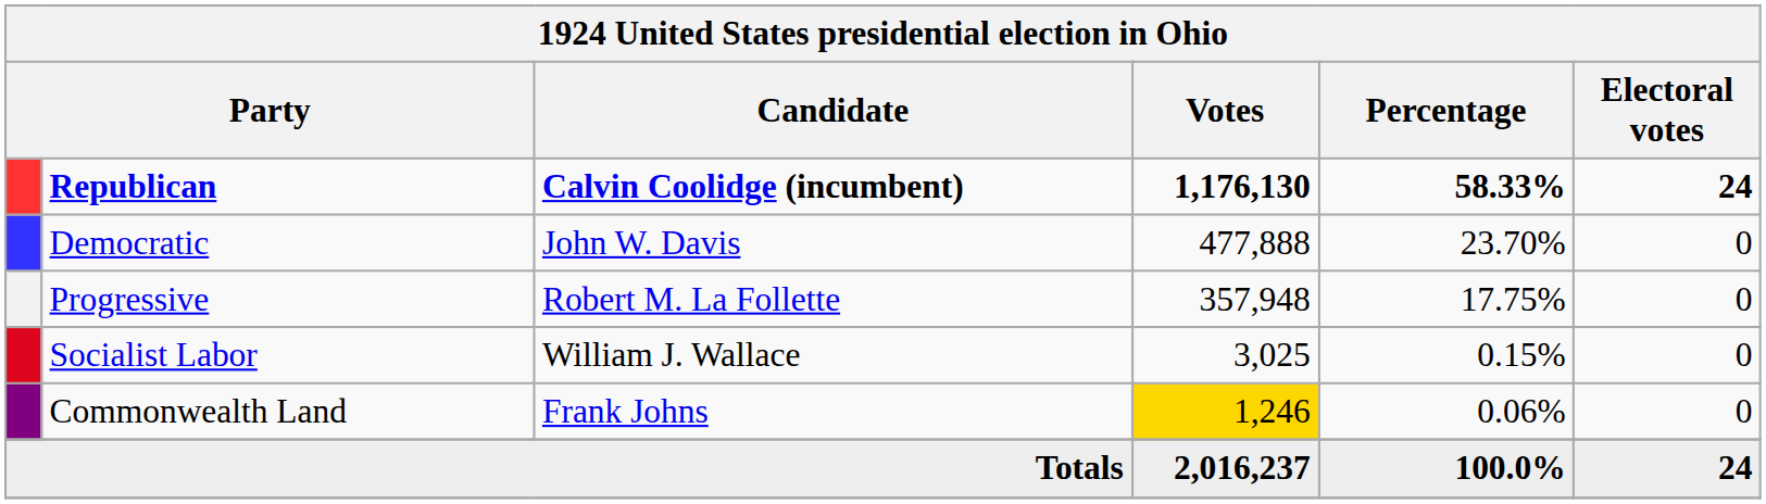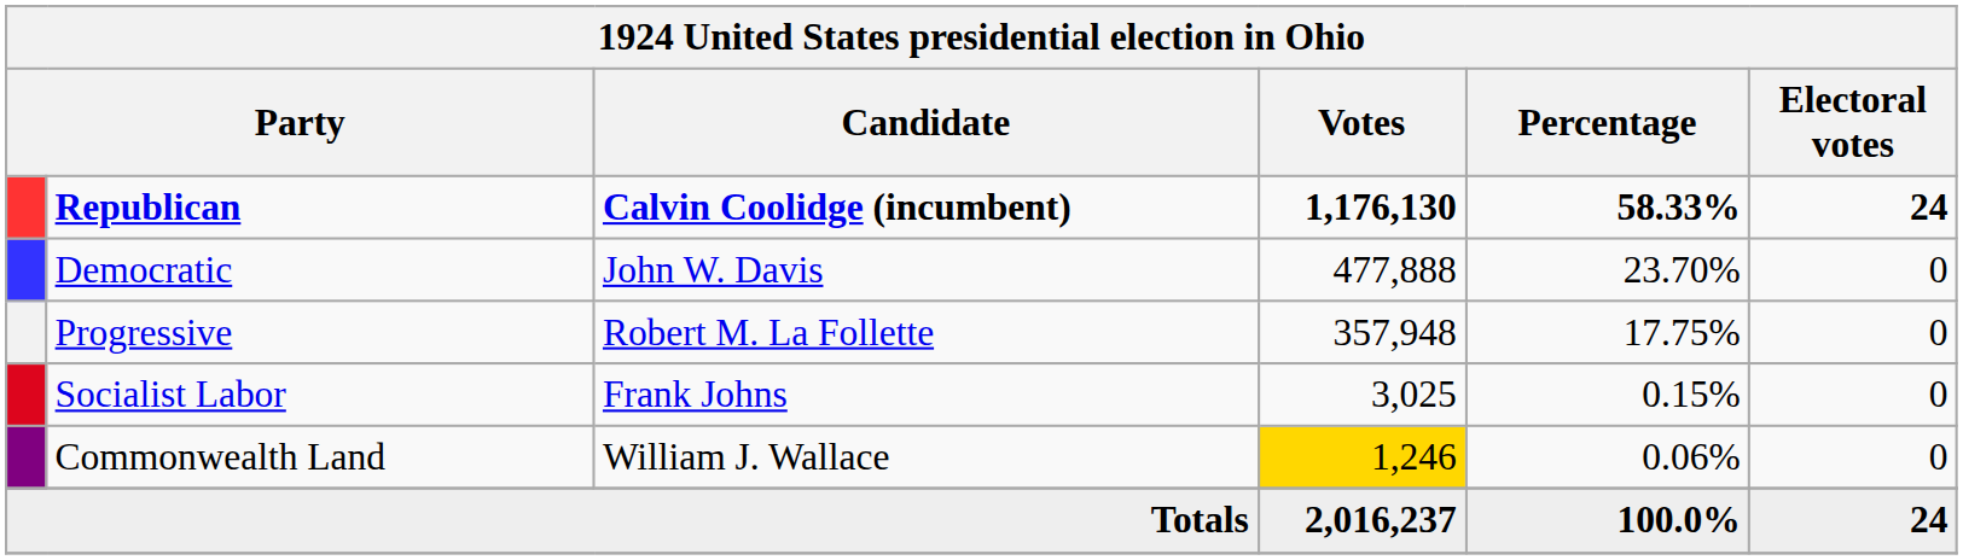 <table class="wikitable" style="font-size: 95%;">
 <tr>
 <th colspan="6">1924 United States presidential election in Ohio</th>
 </tr>
 <tr>
 <th colspan="2" style="width: 15em">Party</th>
 <th style="width: 17em">Candidate</th>
 <th style="width: 5em">Votes</th>
 <th style="width: 7em">Percentage</th>
 <th style="width: 5em">Electoral votes</th>
 </tr>
 <tr>
 <th style="background-color:#FF3333; width: 3px"></th>
 <td style="width: 130px"><strong><a href='#'>Republican</a></strong></td>
 <td><strong><a href='#'>Calvin Coolidge</a> (incumbent)</strong></td>
 <td align="right"><strong>1,176,130</strong></td>
 <td align="right"><strong>58.33%</strong></td>
 <td align="right"><strong>24</strong></td>
 </tr>
 <tr>
 <th style="background-color:#3333FF; width: 3px"></th>
 <td style="width: 130px"><a href='#'>Democratic</a></td>
 <td><a href='#'>John W. Davis</a></td>
 <td align="right">477,888</td>
 <td align="right">23.70%</td>
 <td align="right">0</td>
 </tr>
 <tr>
 <th style="background-color:"></th>
 <td style="width: 130px"><a href='#'>Progressive</a></td>
 <td><a href='#'>Robert M. La Follette</a></td>
 <td align="right">357,948</td>
 <td align="right">17.75%</td>
 <td align="right">0</td>
 </tr>
 <tr>
 <th style="background-color:#DD051D; width: 3px"></th>
 <td style="width: 130px"><a href='#'>Socialist Labor</a></td>
-<td>William J. Wallace</td>
+<td><a href='#'>Frank Johns</a></td>
 <td align="right">3,025</td>
 <td align="right">0.15%</td>
 <td align="right">0</td>
 </tr>
 <tr>
 <th style="background-color:#800080; width: 3px"></th>
 <td style="width: 130px">Commonwealth Land</td>
-<td><a href='#'>Frank Johns</a></td>
+<td>William J. Wallace</td>
 <td align="right" style="background: gold;">1,246</td>
 <td align="right">0.06%</td>
 <td align="right">0</td>
 </tr>
 <tr>
 </tr>
 <tr bgcolor="#EEEEEE">
 <td colspan="3" align="right"><strong>Totals</strong></td>
 <td align="right"><strong>2,016,237</strong></td>
 <td align="right"><strong>100.0%</strong></td>
 <td align="right"><strong>24</strong></td>
 </tr>
 <tr>
 </tr>
 </table>
